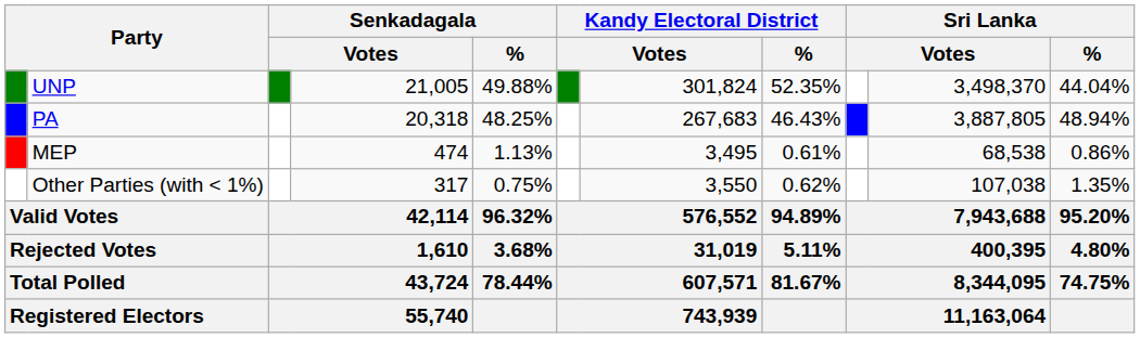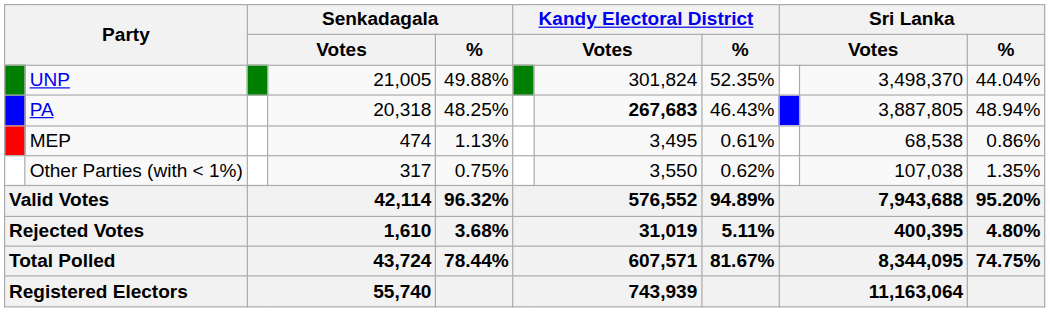 <table class="wikitable">
 <tr>
 <th colspan="2" width="144px"rowspan="2">Party</th>
 <th colspan="3" width="216px">Senkadagala</th>
 <th colspan="3" width="216px"><a href='#'>Kandy Electoral District</a></th>
 <th colspan="3" width="216px">Sri Lanka</th>
 </tr>
 <tr>
 <th colspan="2" width="144px">Votes</th>
 <th>%</th>
 <th colspan="2" width="144px">Votes</th>
 <th>%</th>
 <th colspan="2" width="144px">Votes</th>
 <th>%</th>
 </tr>
 <tr>
 <td style="background-color:green;" width="10px"></td>
 <td style="text-align:left;"><a href='#'>UNP</a></td>
 <td style="background-color:green;" width="10px"></td>
 <td style="text-align:right;">21,005</td>
 <td style="text-align:right;">49.88%</td>
 <td style="background-color:green;" width="10px"></td>
 <td style="text-align:right;">301,824</td>
 <td style="text-align:right;">52.35%</td>
 <td style="background-color:white;" width="10px"></td>
 <td style="text-align:right;">3,498,370</td>
 <td style="text-align:right;">44.04%</td>
 </tr>
 <tr>
 <td style="background-color:blue;" width="10px"></td>
 <td style="text-align:left;"><a href='#'>PA</a></td>
 <td style="background-color:white;" width="10px"></td>
 <td style="text-align:right;">20,318</td>
 <td style="text-align:right;">48.25%</td>
 <td style="background-color:white;" width="10px"></td>
-<td style="text-align:right;">267,683</td>
+<td style="text-align:right;"><strong>267,683</strong></td>
 <td style="text-align:right;">46.43%</td>
 <td style="background-color:blue;" width="10px"></td>
 <td style="text-align:right;">3,887,805</td>
 <td style="text-align:right;">48.94%</td>
 </tr>
 <tr>
 <td style="background-color:red;" width="10px"></td>
 <td style="text-align:left;">MEP</td>
 <td style="background-color:white;" width="10px"></td>
 <td style="text-align:right;">474</td>
 <td style="text-align:right;">1.13%</td>
 <td style="background-color:white;" width="10px"></td>
 <td style="text-align:right;">3,495</td>
 <td style="text-align:right;">0.61%</td>
 <td style="background-color:white;" width="10px"></td>
 <td style="text-align:right;">68,538</td>
 <td style="text-align:right;">0.86%</td>
 </tr>
 <tr>
 <td style="background-color:white;" width="10px"></td>
 <td style="text-align:left;">Other Parties (with < 1%)</td>
 <td style="background-color:white;" width="10px"></td>
 <td style="text-align:right;">317</td>
 <td style="text-align:right;">0.75%</td>
 <td style="background-color:white;" width="10px"></td>
 <td style="text-align:right;">3,550</td>
 <td style="text-align:right;">0.62%</td>
 <td style="background-color:white;" width="10px"></td>
 <td style="text-align:right;">107,038</td>
 <td style="text-align:right;">1.35%</td>
 </tr>
 <tr>
 <th colspan="2" width="144px"style="text-align:left;">Valid Votes</th>
 <th style="text-align:right;"colspan="2" width="144px">42,114</th>
 <th style="text-align:right;">96.32%</th>
 <th style="text-align:right;"colspan="2" width="144px">576,552</th>
 <th style="text-align:right;">94.89%</th>
 <th style="text-align:right;"colspan="2" width="144px">7,943,688</th>
 <th style="text-align:right;">95.20%</th>
 </tr>
 <tr>
 <th colspan="2" width="144px"style="text-align:left;">Rejected Votes</th>
 <th style="text-align:right;"colspan="2" width="144px">1,610</th>
 <th style="text-align:right;">3.68%</th>
 <th style="text-align:right;"colspan="2" width="144px">31,019</th>
 <th style="text-align:right;">5.11%</th>
 <th style="text-align:right;"colspan="2" width="144px">400,395</th>
 <th style="text-align:right;">4.80%</th>
 </tr>
 <tr>
 <th colspan="2" width="144px"style="text-align:left;">Total Polled</th>
 <th style="text-align:right;"colspan="2" width="144px">43,724</th>
 <th style="text-align:right;">78.44%</th>
 <th style="text-align:right;"colspan="2" width="144px">607,571</th>
 <th style="text-align:right;">81.67%</th>
 <th style="text-align:right;"colspan="2" width="144px">8,344,095</th>
 <th style="text-align:right;">74.75%</th>
 </tr>
 <tr>
 <th colspan="2" width="144px"style="text-align:left;">Registered Electors</th>
 <th style="text-align:right;"colspan="2" width="144px">55,740</th>
 <th></th>
 <th style="text-align:right;"colspan="2" width="144px">743,939</th>
 <th></th>
 <th style="text-align:right;"colspan="2" width="144px">11,163,064</th>
 <th></th>
 </tr>
 </table>
